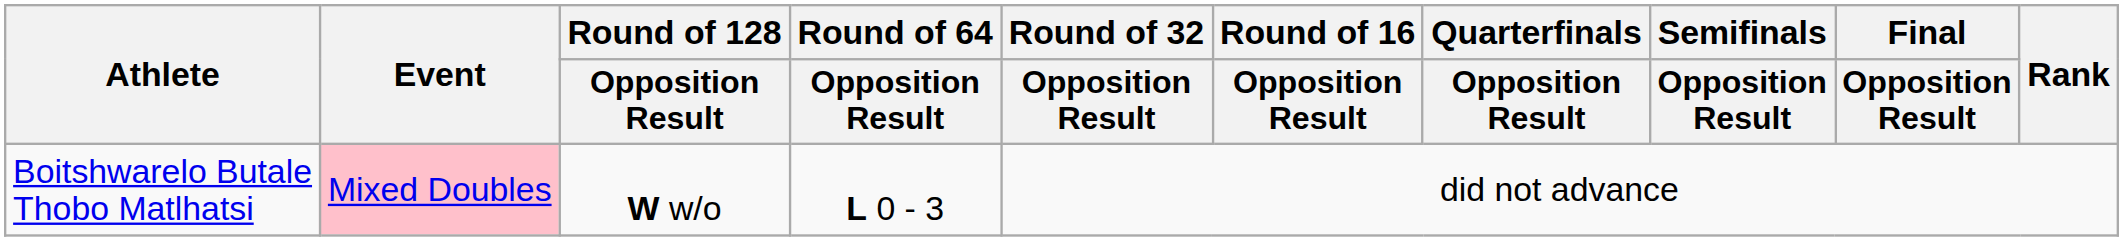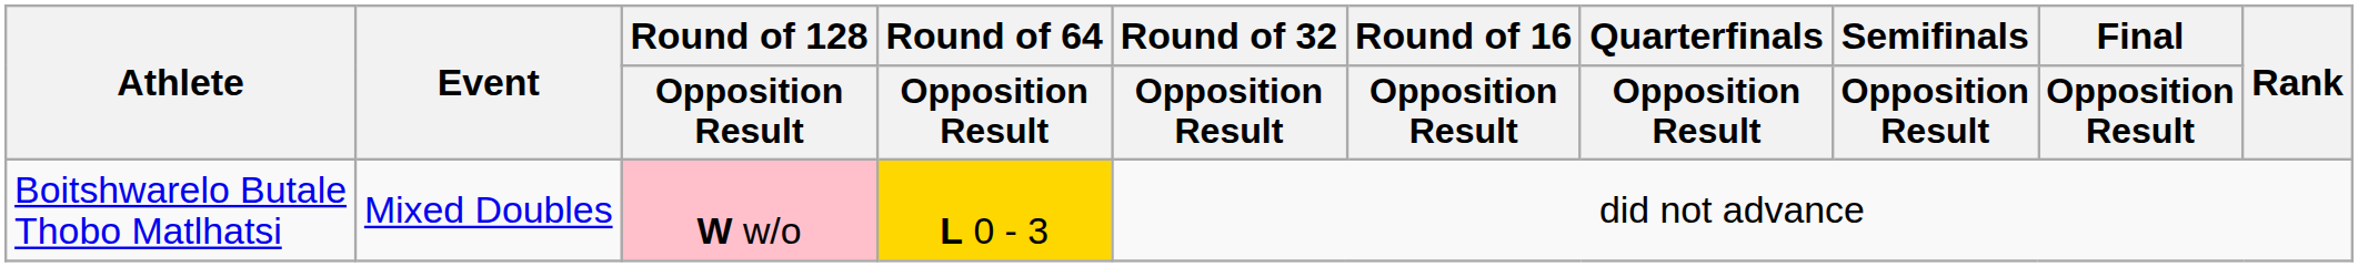 <table class="wikitable" style="font-size:90%">
 <tr>
 <th rowspan=2>Athlete</th>
 <th rowspan=2>Event</th>
 <th>Round of 128</th>
 <th>Round of 64</th>
 <th>Round of 32</th>
 <th>Round of 16</th>
 <th>Quarterfinals</th>
 <th>Semifinals</th>
 <th>Final</th>
 <th rowspan=2>Rank</th>
 </tr>
 <tr style="font-size:95%">
 <th>Opposition<br>Result</th>
 <th>Opposition<br>Result</th>
 <th>Opposition<br>Result</th>
 <th>Opposition<br>Result</th>
 <th>Opposition<br>Result</th>
 <th>Opposition<br>Result</th>
 <th>Opposition<br>Result</th>
 </tr>
 <tr align=center>
 <td align=left><a href='#'>Boitshwarelo Butale</a><br><a href='#'>Thobo Matlhatsi</a></td>
-<td align=left style="background: pink;"><a href='#'>Mixed Doubles</a></td>
-<td><br><strong>W</strong> w/o</td>
-<td><br><strong>L</strong> 0 - 3</td>
+<td align=left><a href='#'>Mixed Doubles</a></td>
+<td style="background: pink;"><br><strong>W</strong> w/o</td>
+<td style="background: gold;"><br><strong>L</strong> 0 - 3</td>
 <td colspan=6>did not advance</td>
 </tr>
 </table>
